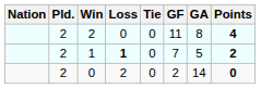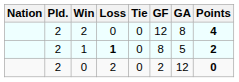 <table class="wikitable" style="text-align:center;">
 <tr>
 <th>Nation</th>
 <th>Pld.</th>
 <th>Win</th>
 <th>Loss</th>
 <th>Tie</th>
 <th>GF</th>
 <th>GA</th>
 <th>Points</th>
 </tr>
 <tr bgcolor=eeffff>
 <td align="left"></td>
 <td>2</td>
 <td>2</td>
 <td>0</td>
 <td>0</td>
-<td>11</td>
+<td>12</td>
 <td>8</td>
 <td><strong>4</strong></td>
 </tr>
 <tr bgcolor=eeffff>
 <td align="left"></td>
 <td>2</td>
 <td>1</td>
 <td><strong>1</strong></td>
 <td>0</td>
-<td>7</td>
+<td>8</td>
 <td>5</td>
 <td><strong>2</strong></td>
 </tr>
 <tr>
 <td align="left"></td>
 <td>2</td>
 <td>0</td>
 <td>2</td>
 <td>0</td>
 <td>2</td>
-<td>14</td>
+<td>12</td>
 <td><strong>0</strong></td>
 </tr>
 </table>
